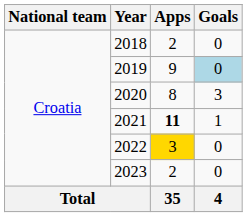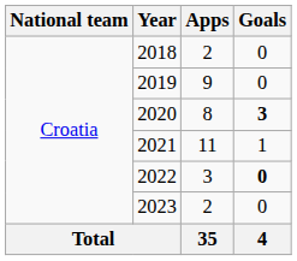 <table class=wikitable style="text-align: center">
 <tr>
 <th>National team</th>
 <th>Year</th>
 <th>Apps</th>
 <th>Goals</th>
 </tr>
 <tr>
 <td rowspan="6"><a href='#'>Croatia</a></td>
 <td>2018</td>
 <td>2</td>
 <td>0</td>
 </tr>
 <tr>
 <td>2019</td>
 <td>9</td>
-<td style="background: lightblue;">0</td>
+<td>0</td>
 </tr>
 <tr>
 <td>2020</td>
 <td>8</td>
-<td>3</td>
+<td><strong>3</strong></td>
 </tr>
 <tr>
 <td>2021</td>
-<td><strong>11</strong></td>
+<td>11</td>
 <td>1</td>
 </tr>
 <tr>
 <td>2022</td>
-<td style="background: gold;">3</td>
-<td>0</td>
+<td>3</td>
+<td><strong>0</strong></td>
 </tr>
 <tr>
 <td>2023</td>
 <td>2</td>
 <td>0</td>
 </tr>
 <tr>
 <th colspan=2>Total</th>
 <th>35</th>
 <th>4</th>
 </tr>
 </table>
